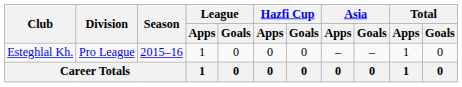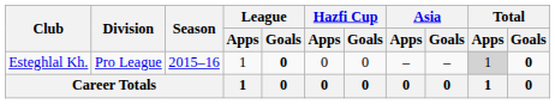 <table class="wikitable" style="text-align: center;">
 <tr>
 <th rowspan="2">Club</th>
 <th rowspan="2">Division</th>
 <th rowspan="2">Season</th>
 <th colspan="2">League</th>
 <th colspan="2"><a href='#'>Hazfi Cup</a></th>
 <th colspan="2"><a href='#'>Asia</a></th>
 <th colspan="2">Total</th>
 </tr>
 <tr>
 <th>Apps</th>
 <th>Goals</th>
 <th>Apps</th>
 <th>Goals</th>
 <th>Apps</th>
 <th>Goals</th>
 <th>Apps</th>
 <th>Goals</th>
 </tr>
 <tr>
 <td><a href='#'>Esteghlal Kh.</a></td>
 <td><a href='#'>Pro League</a></td>
 <td><a href='#'>2015–16</a></td>
 <td>1</td>
-<td>0</td>
+<td><strong>0</strong></td>
 <td>0</td>
 <td>0</td>
 <td>–</td>
 <td>–</td>
-<td>1</td>
-<td>0</td>
+<td style="background: lightgrey;">1</td>
+<td><strong>0</strong></td>
 </tr>
 <tr>
 <th colspan=3>Career Totals</th>
 <th>1</th>
 <th>0</th>
 <th>0</th>
 <th>0</th>
 <th>0</th>
 <th>0</th>
 <th>1</th>
 <th>0</th>
 </tr>
 </table>
